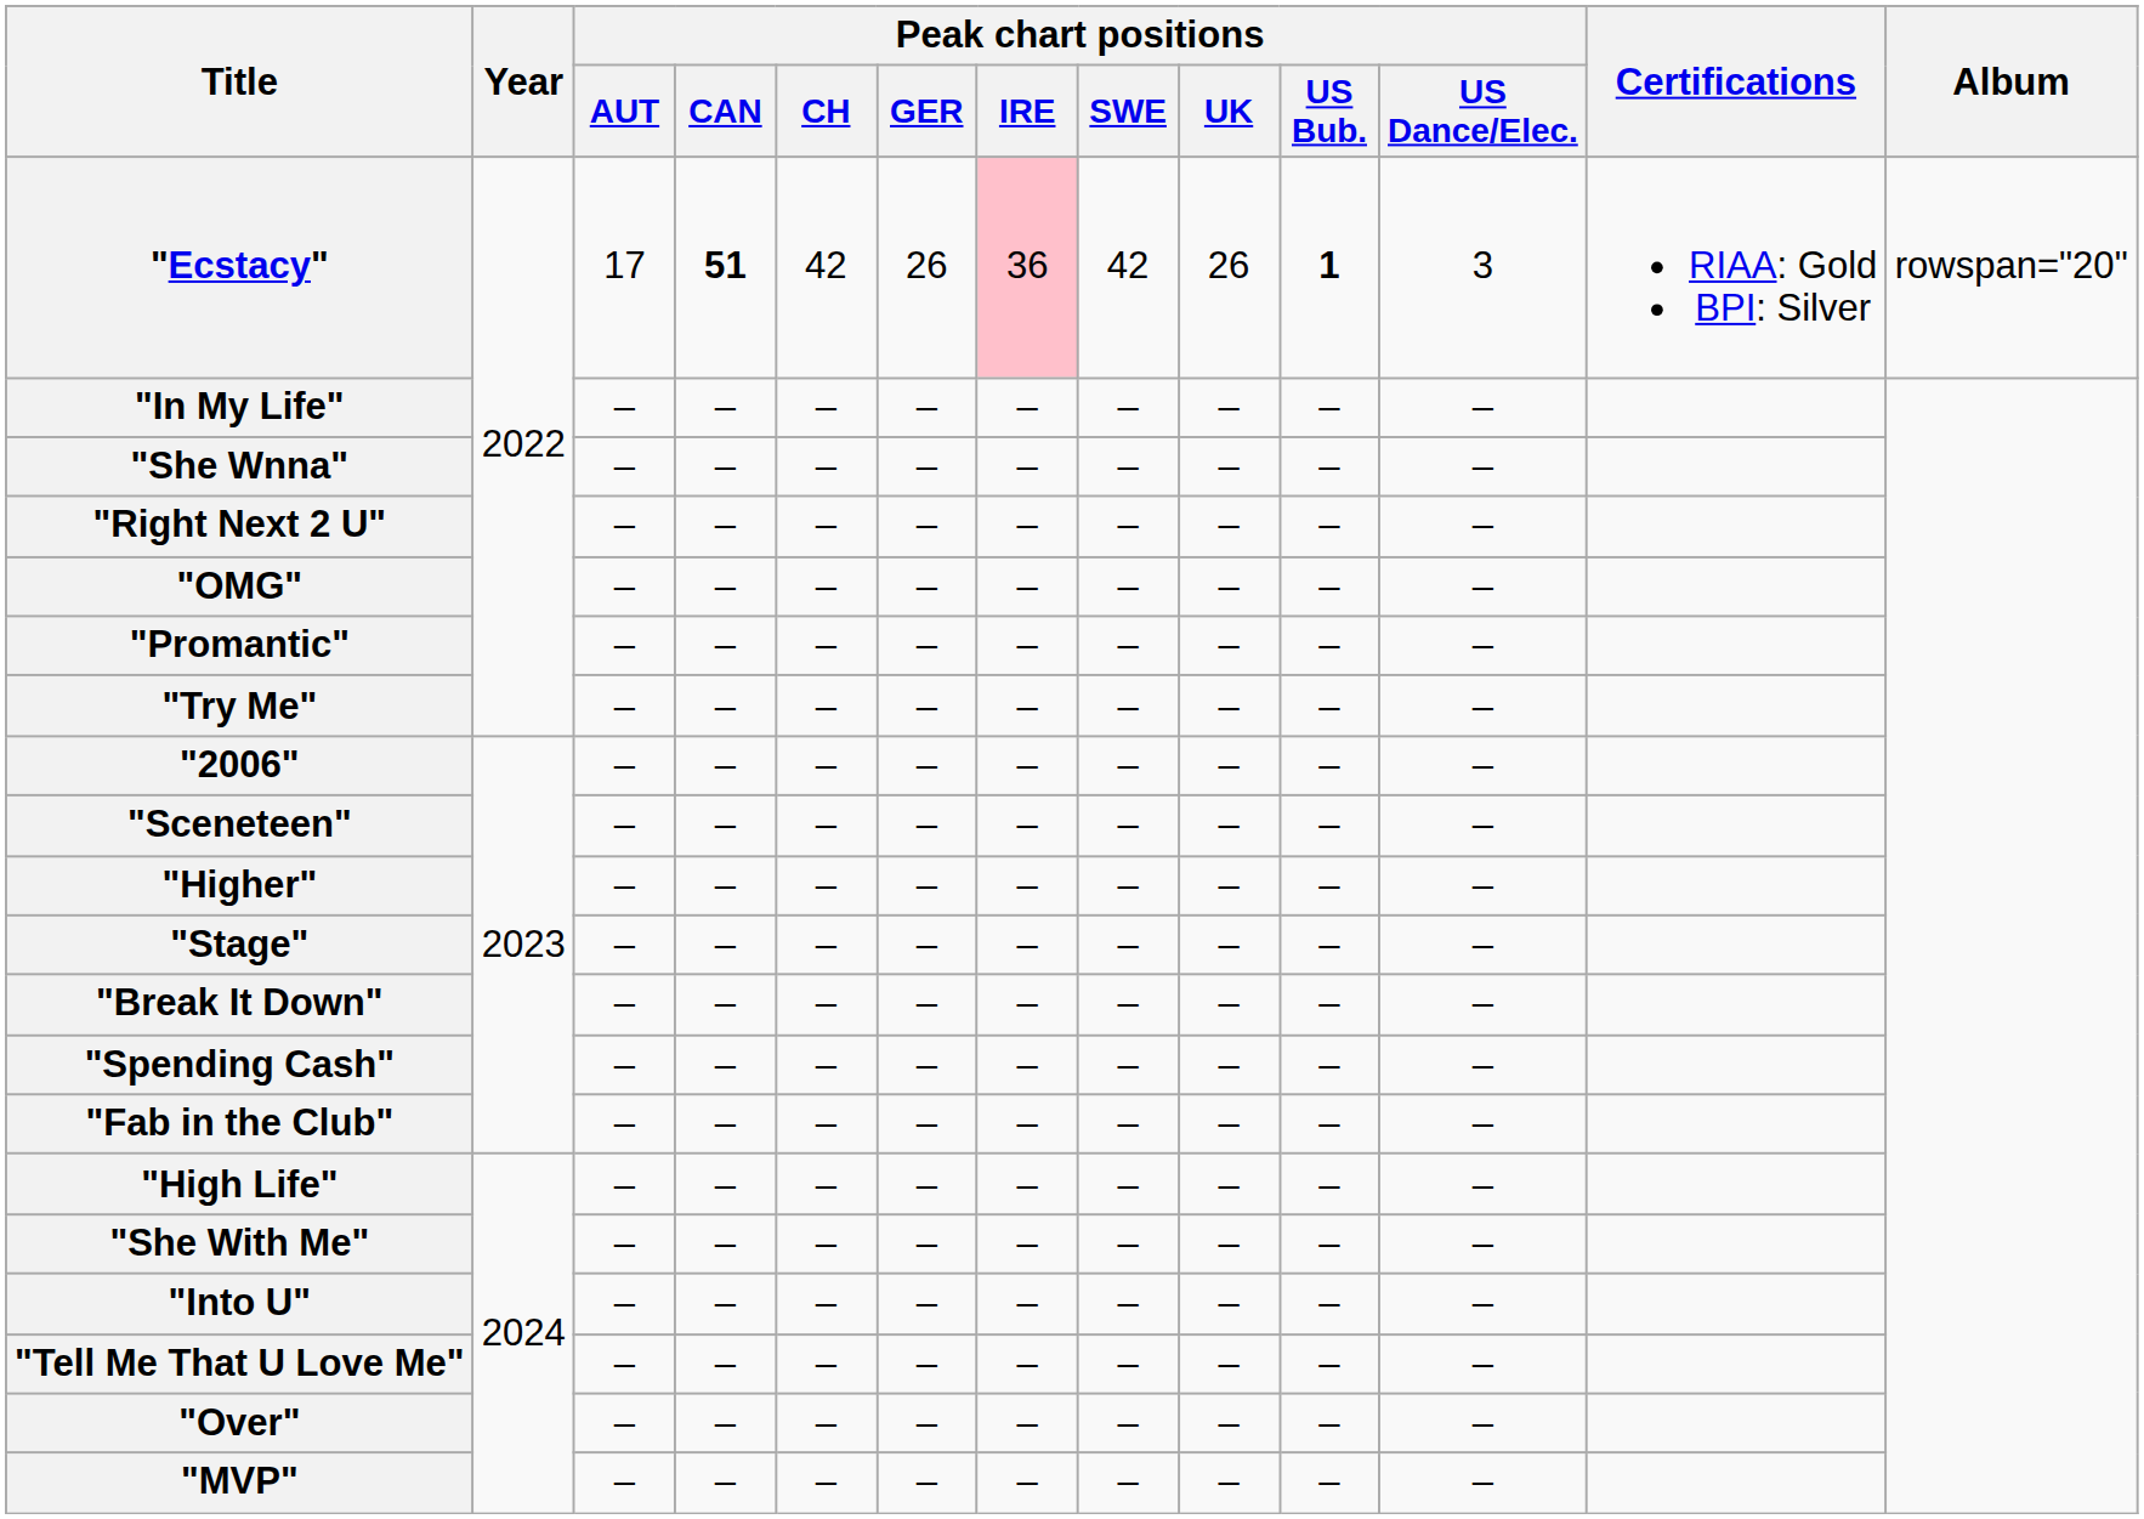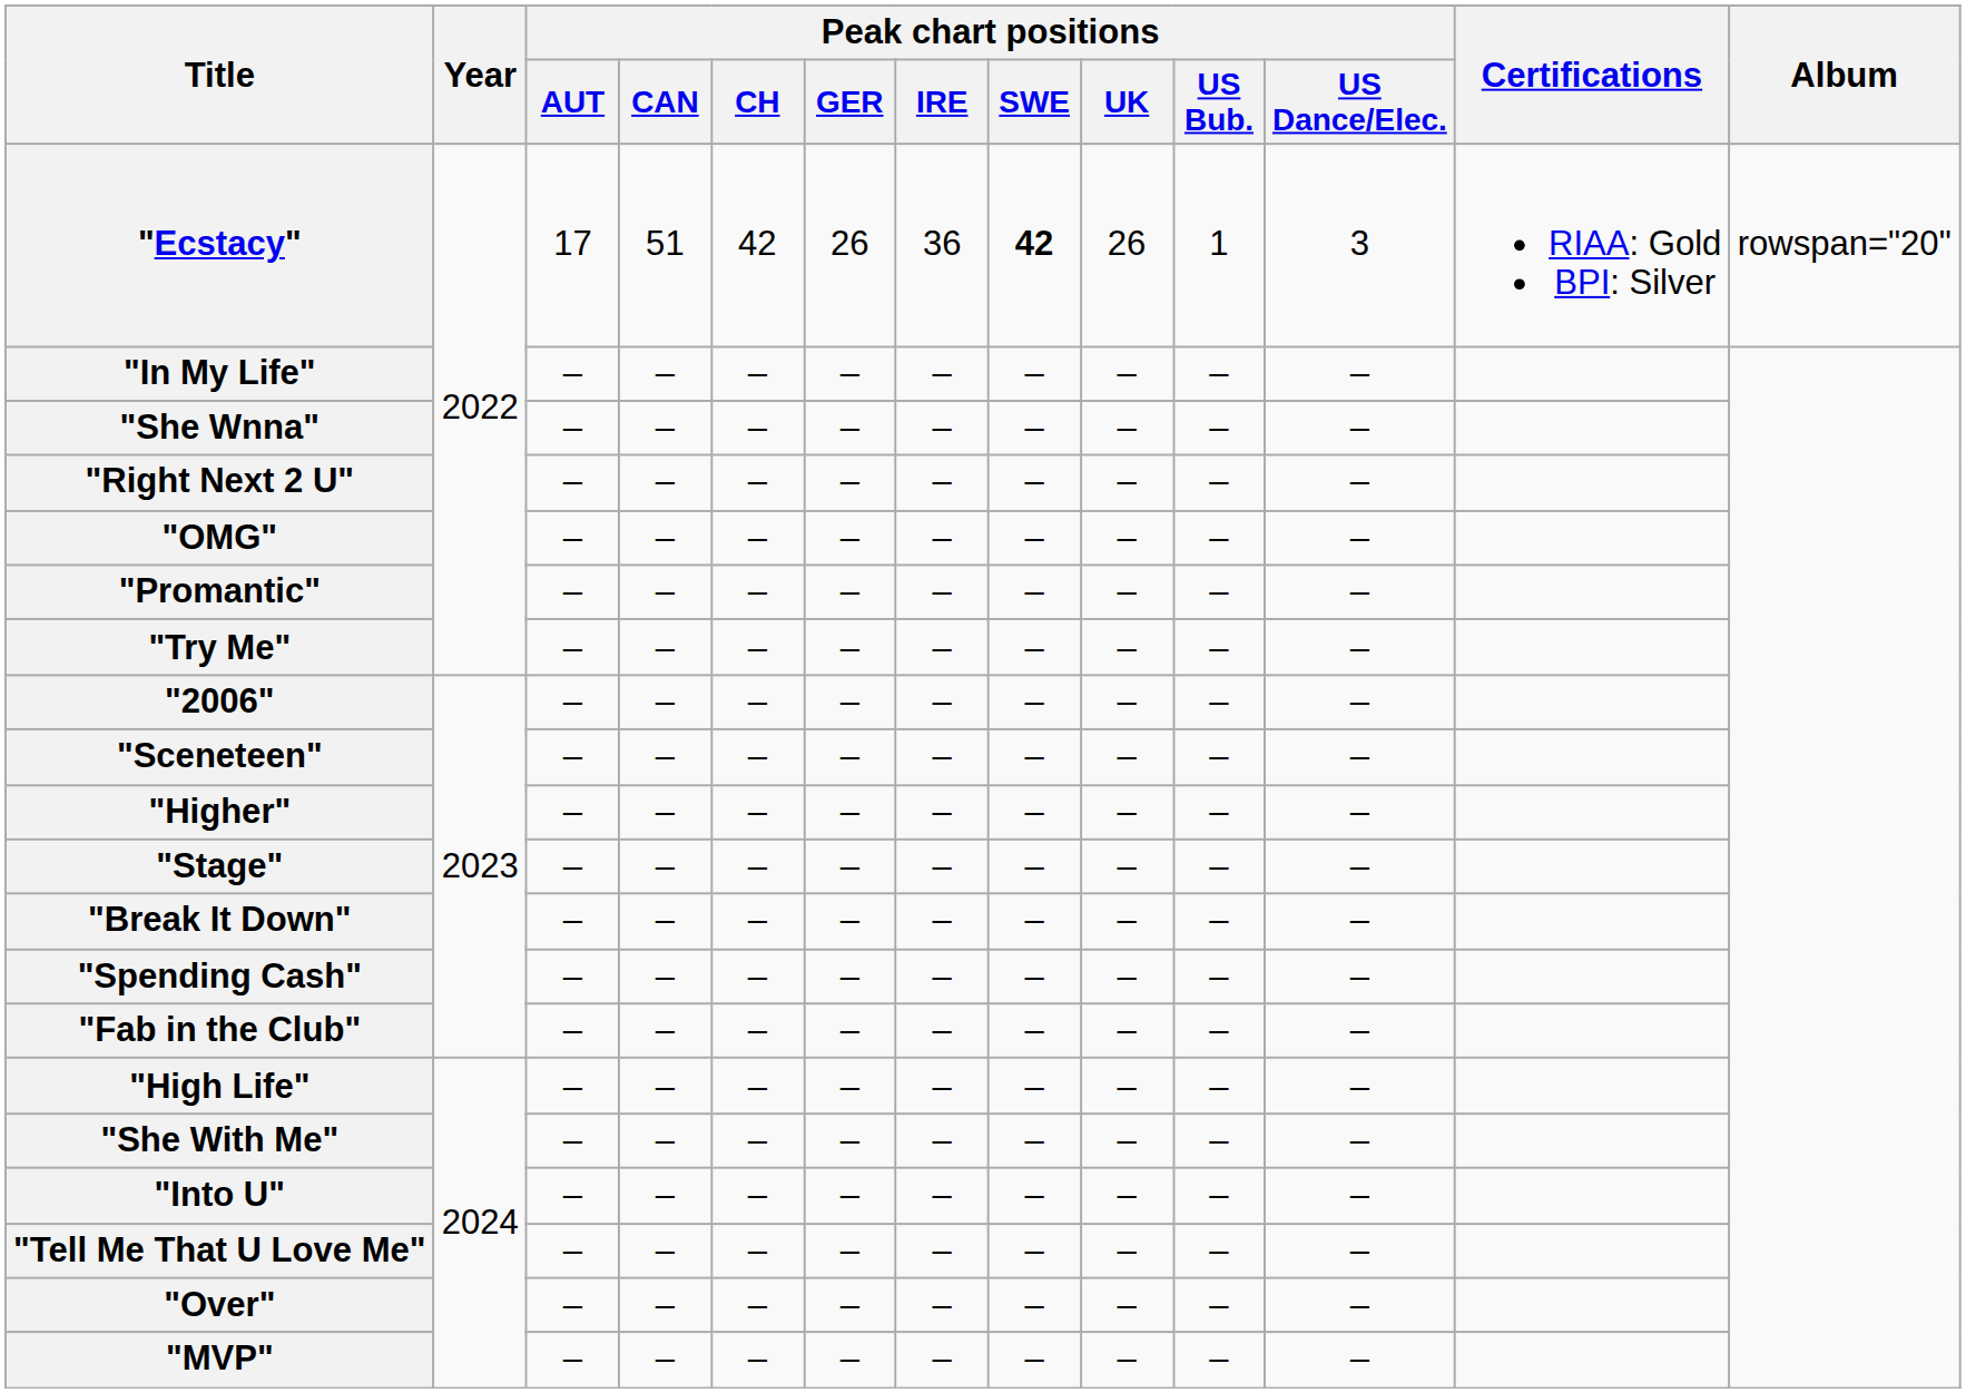 <table class="wikitable plainrowheaders" style="text-align:center;">
 <tr>
 <th scope="col" rowspan="2">Title</th>
 <th scope="col" rowspan="2">Year</th>
 <th scope="col" colspan="9">Peak chart positions</th>
 <th scope="col" rowspan="2"><a href='#'>Certifications</a></th>
 <th scope="col" rowspan="2">Album</th>
 </tr>
 <tr>
 <th scope="col" style="width:2.5em;font-size:90%;"><a href='#'>AUT</a><br></th>
 <th scope="col" style="width:2.5em;font-size:90%;"><a href='#'>CAN</a><br></th>
 <th scope="col" style="width:2.5em;font-size:90%;"><a href='#'>CH</a><br></th>
 <th scope="col" style="width:2.5em;font-size:90%;"><a href='#'>GER</a><br></th>
 <th scope="col" style="width:2.5em;font-size:90%;"><a href='#'>IRE</a><br></th>
 <th scope="col" style="width:2.5em;font-size:90%;"><a href='#'>SWE</a><br></th>
 <th scope="col" style="width:2.5em;font-size:90%;"><a href='#'>UK</a><br></th>
 <th scope="col" style="width:2.5em;font-size:90%;"><a href='#'>US<br>Bub.</a><br></th>
 <th scope="col" style="width:2.5em;font-size:90%;"><a href='#'>US<br>Dance/Elec.</a><br></th>
 </tr>
 <tr>
 <th scope="row">"<a href='#'>Ecstacy</a>"</th>
 <td rowspan="7">2022</td>
 <td>17</td>
-<td><strong>51</strong></td>
+<td>51</td>
 <td>42</td>
 <td>26</td>
-<td style="background: pink;">36</td>
-<td>42</td>
+<td>36</td>
+<td><strong>42</strong></td>
 <td>26</td>
-<td><strong>1</strong></td>
+<td>1</td>
 <td>3</td>
 <td><br><ul><li><a href='#'>RIAA</a>: Gold</li><li><a href='#'>BPI</a>: Silver</li></ul></td>
 <td>rowspan="20" </td>
 </tr>
 <tr>
 <th scope="row">"In My Life" <br></th>
 <td>–</td>
 <td>–</td>
 <td>–</td>
 <td>–</td>
 <td>–</td>
 <td>–</td>
 <td>–</td>
 <td>–</td>
 <td>–</td>
 <td></td>
 </tr>
 <tr>
 <th scope="row">"She Wnna"<br></th>
 <td>–</td>
 <td>–</td>
 <td>–</td>
 <td>–</td>
 <td>–</td>
 <td>–</td>
 <td>–</td>
 <td>–</td>
 <td>–</td>
 <td></td>
 </tr>
 <tr>
 <th scope="row">"Right Next 2 U" <br></th>
 <td>–</td>
 <td>–</td>
 <td>–</td>
 <td>–</td>
 <td>–</td>
 <td>–</td>
 <td>–</td>
 <td>–</td>
 <td>–</td>
 <td></td>
 </tr>
 <tr>
 <th scope="row">"OMG" <br></th>
 <td>–</td>
 <td>–</td>
 <td>–</td>
 <td>–</td>
 <td>–</td>
 <td>–</td>
 <td>–</td>
 <td>–</td>
 <td>–</td>
 <td></td>
 </tr>
 <tr>
 <th scope="row">"Promantic" <br></th>
 <td>–</td>
 <td>–</td>
 <td>–</td>
 <td>–</td>
 <td>–</td>
 <td>–</td>
 <td>–</td>
 <td>–</td>
 <td>–</td>
 <td></td>
 </tr>
 <tr>
 <th scope="row">"Try Me" <br></th>
 <td>–</td>
 <td>–</td>
 <td>–</td>
 <td>–</td>
 <td>–</td>
 <td>–</td>
 <td>–</td>
 <td>–</td>
 <td>–</td>
 <td></td>
 </tr>
 <tr>
 <th scope="row">"2006"<br></th>
 <td rowspan="7">2023</td>
 <td>–</td>
 <td>–</td>
 <td>–</td>
 <td>–</td>
 <td>–</td>
 <td>–</td>
 <td>–</td>
 <td>–</td>
 <td>–</td>
 <td></td>
 </tr>
 <tr>
 <th scope="row">"Sceneteen"<br></th>
 <td>–</td>
 <td>–</td>
 <td>–</td>
 <td>–</td>
 <td>–</td>
 <td>–</td>
 <td>–</td>
 <td>–</td>
 <td>–</td>
 <td></td>
 </tr>
 <tr>
 <th scope="row">"Higher"<br></th>
 <td>–</td>
 <td>–</td>
 <td>–</td>
 <td>–</td>
 <td>–</td>
 <td>–</td>
 <td>–</td>
 <td>–</td>
 <td>–</td>
 <td></td>
 </tr>
 <tr>
 <th scope="row">"Stage"<br></th>
 <td>–</td>
 <td>–</td>
 <td>–</td>
 <td>–</td>
 <td>–</td>
 <td>–</td>
 <td>–</td>
 <td>–</td>
 <td>–</td>
 <td></td>
 </tr>
 <tr>
 <th scope="row">"Break It Down"<br></th>
 <td>–</td>
 <td>–</td>
 <td>–</td>
 <td>–</td>
 <td>–</td>
 <td>–</td>
 <td>–</td>
 <td>–</td>
 <td>–</td>
 <td></td>
 </tr>
 <tr>
 <th scope="row">"Spending Cash"<br></th>
 <td>–</td>
 <td>–</td>
 <td>–</td>
 <td>–</td>
 <td>–</td>
 <td>–</td>
 <td>–</td>
 <td>–</td>
 <td>–</td>
 <td></td>
 </tr>
 <tr>
 <th scope="row">"Fab in the Club"<br></th>
 <td>–</td>
 <td>–</td>
 <td>–</td>
 <td>–</td>
 <td>–</td>
 <td>–</td>
 <td>–</td>
 <td>–</td>
 <td>–</td>
 <td></td>
 </tr>
 <tr>
 <th scope="row">"High Life"<br></th>
 <td rowspan="6">2024</td>
 <td>–</td>
 <td>–</td>
 <td>–</td>
 <td>–</td>
 <td>–</td>
 <td>–</td>
 <td>–</td>
 <td>–</td>
 <td>–</td>
 <td></td>
 </tr>
 <tr>
 <th scope="row">"She With Me"<br></th>
 <td>–</td>
 <td>–</td>
 <td>–</td>
 <td>–</td>
 <td>–</td>
 <td>–</td>
 <td>–</td>
 <td>–</td>
 <td>–</td>
 <td></td>
 </tr>
 <tr>
 <th scope="row">"Into U"<br></th>
 <td>–</td>
 <td>–</td>
 <td>–</td>
 <td>–</td>
 <td>–</td>
 <td>–</td>
 <td>–</td>
 <td>–</td>
 <td>–</td>
 <td></td>
 </tr>
 <tr>
 <th scope="row">"Tell Me That U Love Me"<br></th>
 <td>–</td>
 <td>–</td>
 <td>–</td>
 <td>–</td>
 <td>–</td>
 <td>–</td>
 <td>–</td>
 <td>–</td>
 <td>–</td>
 <td></td>
 </tr>
 <tr>
 <th scope="row">"Over"<br></th>
 <td>–</td>
 <td>–</td>
 <td>–</td>
 <td>–</td>
 <td>–</td>
 <td>–</td>
 <td>–</td>
 <td>–</td>
 <td>–</td>
 <td></td>
 </tr>
 <tr>
 <th scope="row">"MVP"<br></th>
 <td>–</td>
 <td>–</td>
 <td>–</td>
 <td>–</td>
 <td>–</td>
 <td>–</td>
 <td>–</td>
 <td>–</td>
 <td>–</td>
 <td></td>
 </tr>
 </table>
